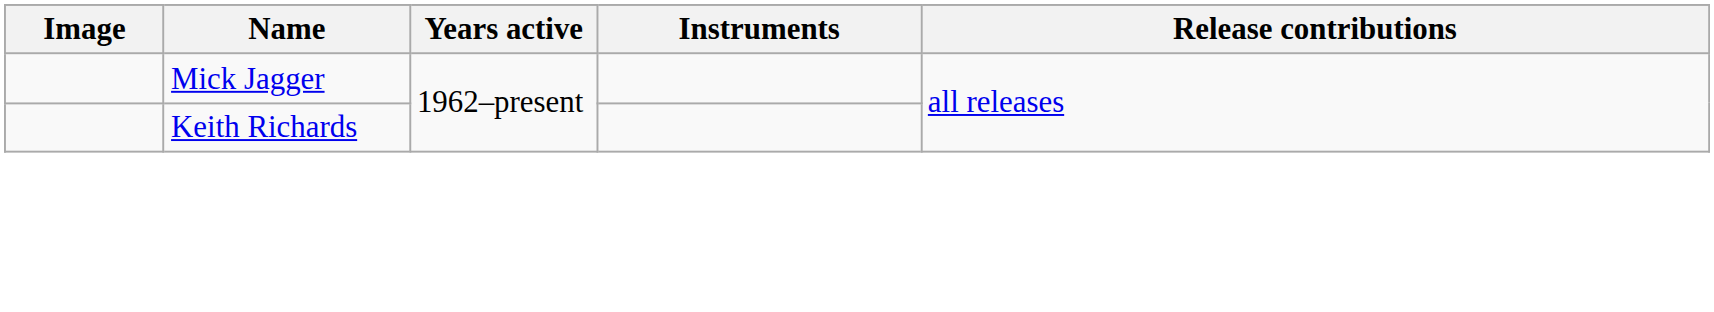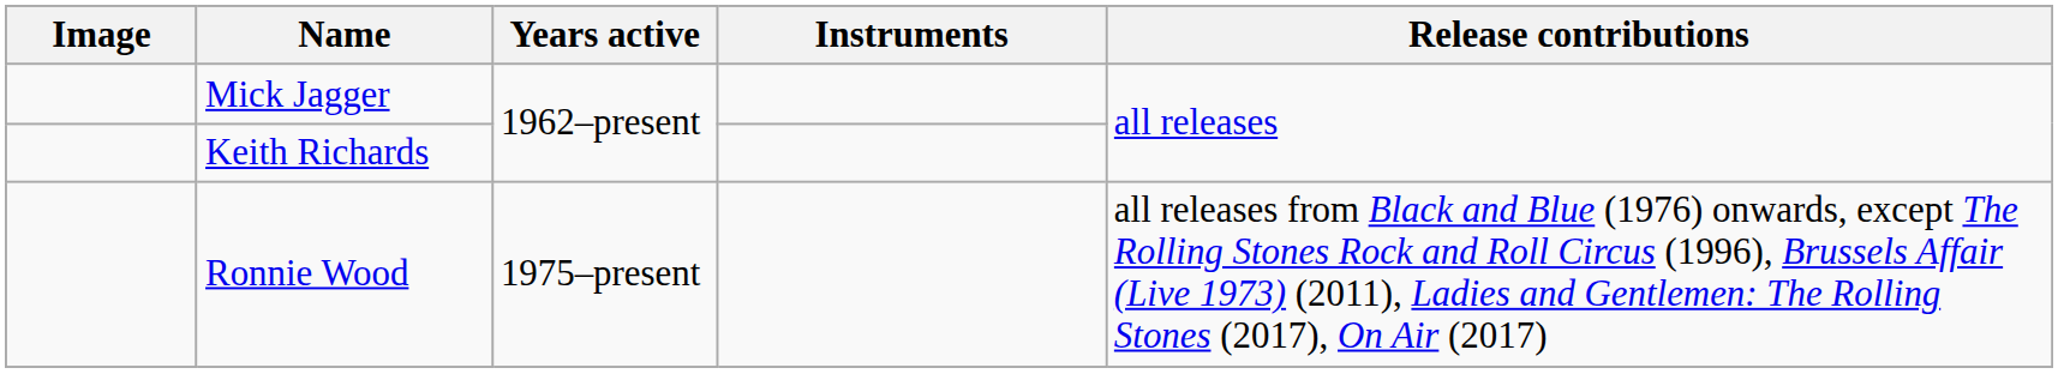 <table class="wikitable" width="100%" border="1">
 <tr>
 <th width="75">Image</th>
 <th width="120">Name</th>
 <th width="90">Years active</th>
 <th width="160">Instruments</th>
 <th>Release contributions</th>
 </tr>
 <tr>
 <td></td>
 <td><a href='#'>Mick Jagger</a></td>
 <td rowspan="2">1962–present</td>
 <td></td>
 <td rowspan="2"><a href='#'>all releases</a></td>
 </tr>
 <tr>
 <td></td>
 <td><a href='#'>Keith Richards</a></td>
 <td></td>
 </tr>
+<tr>
+<td></td>
+<td><a href='#'>Ronnie Wood</a></td>
+<td>1975–present</td>
+<td></td>
+<td>all releases from <em><a href='#'>Black and Blue</a></em> (1976) onwards, except <em><a href='#'>The Rolling Stones Rock and Roll Circus</a></em> (1996), <em><a href='#'>Brussels Affair (Live 1973)</a></em> (2011), <em><a href='#'>Ladies and Gentlemen: The Rolling Stones</a></em> (2017), <em><a href='#'>On Air</a></em> (2017)</td>
+</tr>
 </table>
